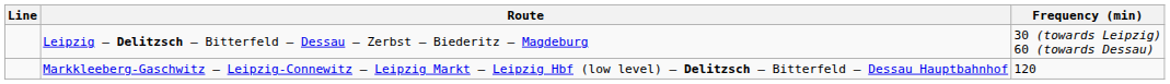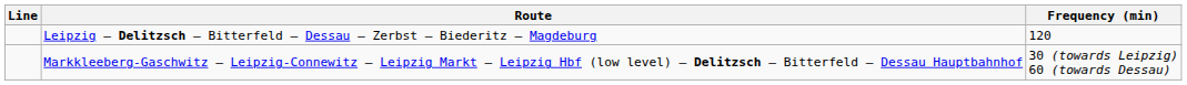 <table class="wikitable">
 <tr>
 <th>Line</th>
 <th>Route</th>
 <th>Frequency (min)</th>
 </tr>
 <tr>
 <td align="center"></td>
 <td><a href='#'>Leipzig</a> – <strong>Delitzsch</strong> – Bitterfeld – <a href='#'>Dessau</a> – Zerbst – Biederitz – <a href='#'>Magdeburg</a></td>
-<td>30 <em>(towards Leipzig)</em><br>60 <em>(towards Dessau)</em></td>
+<td>120</td>
 </tr>
 <tr>
 <td align="center"></td>
 <td><a href='#'>Markkleeberg-Gaschwitz</a> – <a href='#'>Leipzig-Connewitz</a> – <a href='#'>Leipzig Markt</a> – <a href='#'>Leipzig Hbf</a> (low level) – <strong>Delitzsch</strong> – Bitterfeld – <a href='#'>Dessau Hauptbahnhof</a></td>
-<td>120</td>
+<td>30 <em>(towards Leipzig)</em><br>60 <em>(towards Dessau)</em></td>
 </tr>
 </table>
